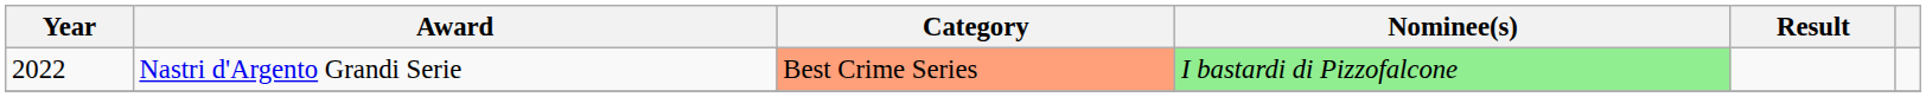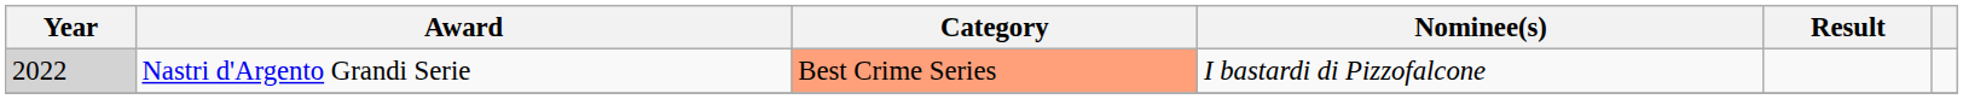 <table class="wikitable plainrowheaders sortable"; style="width:90%">
 <tr>
 <th scope="col">Year</th>
 <th scope="col">Award</th>
 <th scope="col">Category</th>
 <th scope="col">Nominee(s)</th>
 <th scope="col">Result</th>
 <th scope="col" class="unsortable"></th>
 </tr>
 <tr>
-<td>2022</td>
+<td style="background: lightgrey;">2022</td>
 <td><a href='#'>Nastri d'Argento</a> Grandi Serie</td>
 <td style="background: lightsalmon;">Best Crime Series</td>
-<td style="background: lightgreen;"><em>I bastardi di Pizzofalcone</em></td>
+<td><em>I bastardi di Pizzofalcone</em></td>
 <td></td>
 <td style="text-align:center;"></td>
 </tr>
 <tr>
 </tr>
 </table>
